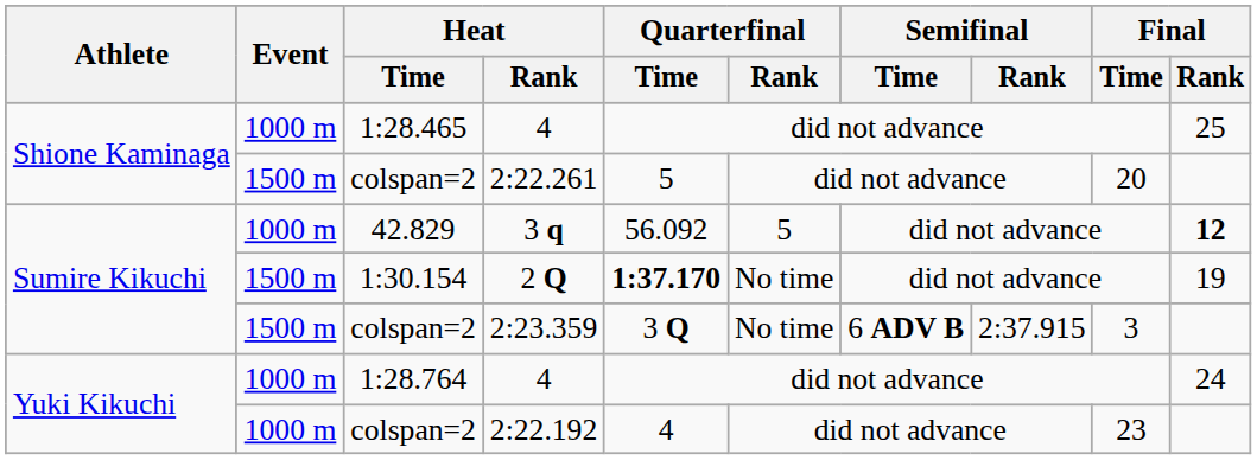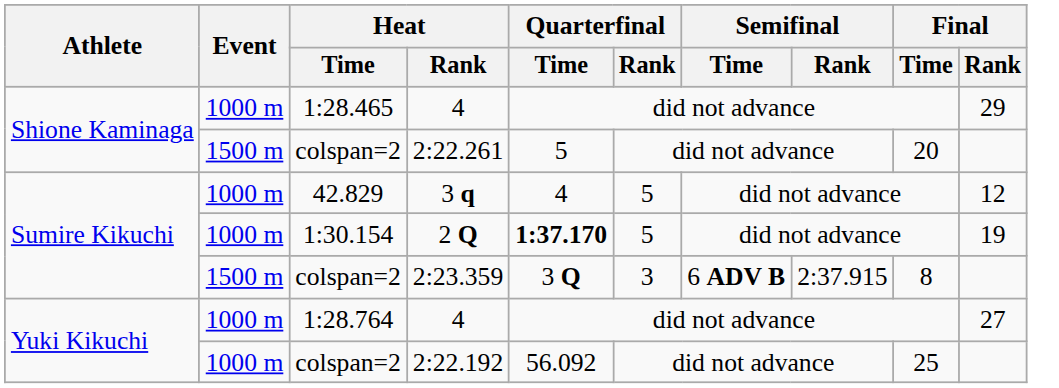 <table class="wikitable" style="font-size:90%">
 <tr>
 <th rowspan=2>Athlete</th>
 <th rowspan=2>Event</th>
 <th colspan=2>Heat</th>
 <th colspan=2>Quarterfinal</th>
 <th colspan=2>Semifinal</th>
 <th colspan=2>Final</th>
 </tr>
 <tr style="font-size:95%">
 <th>Time</th>
 <th>Rank</th>
 <th>Time</th>
 <th>Rank</th>
 <th>Time</th>
 <th>Rank</th>
 <th>Time</th>
 <th>Rank</th>
 </tr>
 <tr align=center>
 <td align=left rowspan=2><a href='#'>Shione Kaminaga</a></td>
 <td align=left><a href='#'>1000 m</a></td>
 <td>1:28.465</td>
 <td>4</td>
 <td colspan=5>did not advance</td>
-<td>25</td>
+<td>29</td>
 </tr>
 <tr align=center>
 <td align=left><a href='#'>1500 m</a></td>
 <td>colspan=2 </td>
 <td>2:22.261</td>
 <td>5</td>
 <td colspan=3>did not advance</td>
 <td>20</td>
 </tr>
 <tr align=center>
 <td align=left rowspan=3><a href='#'>Sumire Kikuchi</a></td>
 <td align=left><a href='#'>1000 m</a></td>
 <td>42.829</td>
 <td>3 <strong>q</strong></td>
-<td>56.092</td>
+<td>4</td>
 <td>5</td>
 <td colspan=3>did not advance</td>
-<td><strong>12</strong></td>
+<td>12</td>
 </tr>
 <tr align=center>
-<td align=left><a href='#'>1500 m</a></td>
+<td align=left><a href='#'>1000 m</a></td>
 <td>1:30.154</td>
 <td>2 <strong>Q</strong></td>
 <td><strong>1:37.170</strong></td>
-<td>No time</td>
+<td>5</td>
 <td colspan=3>did not advance</td>
 <td>19</td>
 </tr>
 <tr align=center>
 <td align=left><a href='#'>1500 m</a></td>
 <td>colspan=2 </td>
 <td>2:23.359</td>
 <td>3 <strong>Q</strong></td>
-<td>No time</td>
+<td>3</td>
 <td>6 <strong>ADV B</strong></td>
 <td>2:37.915</td>
-<td>3</td>
+<td>8</td>
 </tr>
 <tr align=center>
 <td align=left rowspan=2><a href='#'>Yuki Kikuchi</a></td>
 <td align=left><a href='#'>1000 m</a></td>
 <td>1:28.764</td>
 <td>4</td>
 <td colspan=5>did not advance</td>
-<td>24</td>
+<td>27</td>
 </tr>
 <tr align=center>
 <td align=left><a href='#'>1000 m</a></td>
 <td>colspan=2 </td>
 <td>2:22.192</td>
-<td>4</td>
+<td>56.092</td>
 <td colspan=3>did not advance</td>
-<td>23</td>
+<td>25</td>
 </tr>
 </table>
